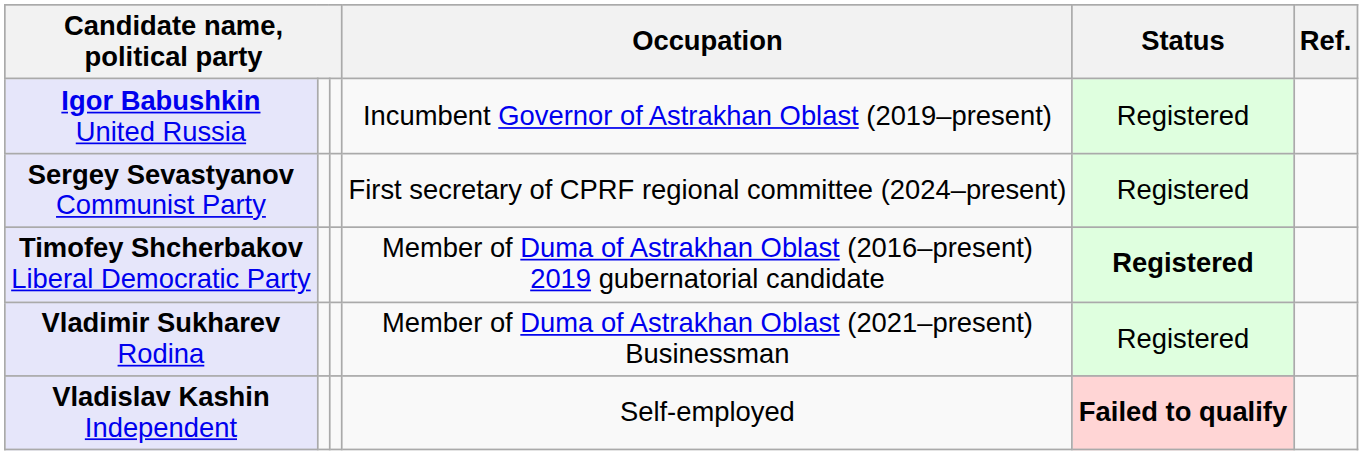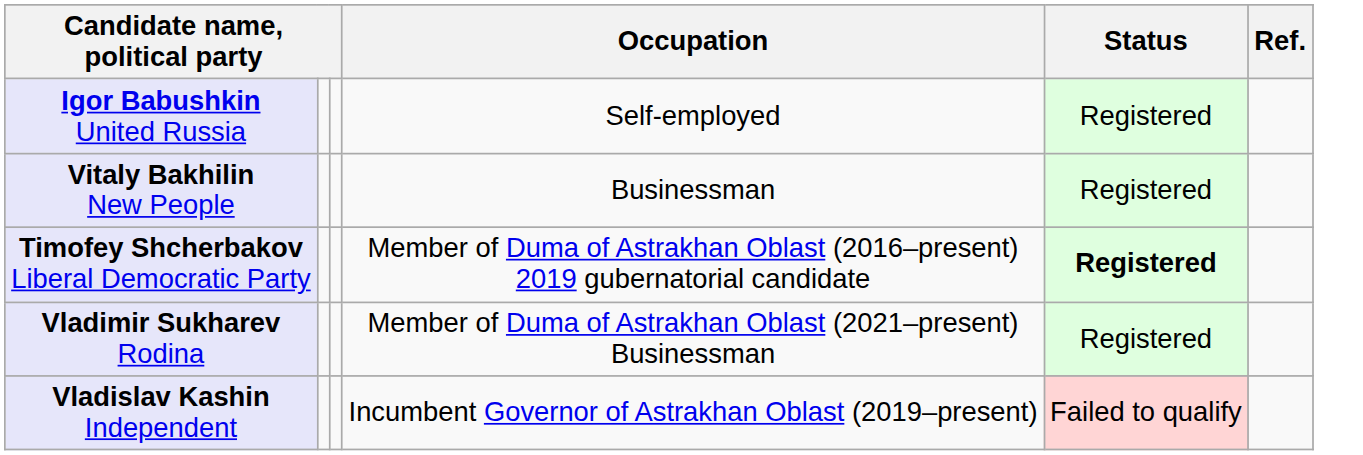 <table class="wikitable" style="text-align:center;">
 <tr>
 <th colspan="3">Candidate name,<br>political party</th>
 <th>Occupation</th>
 <th>Status</th>
 <th>Ref.</th>
 </tr>
 <tr>
 <td style="background:lavender;"><strong><a href='#'>Igor Babushkin</a></strong><br><a href='#'>United Russia</a></td>
 <td style="background-color:"></td>
 <td></td>
-<td>Incumbent <a href='#'>Governor of Astrakhan Oblast</a> (2019–present)</td>
+<td>Self-employed</td>
 <td bgcolor="#DFFFDF">Registered</td>
 <td></td>
 </tr>
 <tr>
-<td style="background:lavender;"><strong>Sergey Sevastyanov</strong><br><a href='#'>Communist Party</a></td>
+<td style="background:lavender;"><strong>Vitaly Bakhilin</strong><br><a href='#'>New People</a></td>
 <td style="background-color:"></td>
 <td></td>
-<td>First secretary of CPRF regional committee (2024–present)</td>
+<td>Businessman</td>
 <td bgcolor="#DFFFDF">Registered</td>
 <td></td>
 </tr>
 <tr>
 <td style="background:lavender;"><strong>Timofey Shcherbakov</strong><br><a href='#'>Liberal Democratic Party</a></td>
 <td style="background-color:"></td>
 <td></td>
 <td>Member of <a href='#'>Duma of Astrakhan Oblast</a> (2016–present)<br><a href='#'>2019</a> gubernatorial candidate</td>
 <td bgcolor="#DFFFDF"><strong>Registered</strong></td>
 <td></td>
 </tr>
 <tr>
 <td style="background:lavender;"><strong>Vladimir Sukharev</strong><br><a href='#'>Rodina</a></td>
 <td style="background-color:"></td>
 <td></td>
 <td>Member of <a href='#'>Duma of Astrakhan Oblast</a> (2021–present)<br>Businessman</td>
 <td bgcolor="#DFFFDF">Registered</td>
 <td></td>
 </tr>
 <tr>
 <td style="background:lavender;"><strong>Vladislav Kashin</strong><br><a href='#'>Independent</a></td>
 <td style="background-color:"></td>
 <td></td>
-<td>Self-employed</td>
-<td align=center bgcolor="#FFD5D5"><strong>Failed to qualify</strong></td>
+<td>Incumbent <a href='#'>Governor of Astrakhan Oblast</a> (2019–present)</td>
+<td align=center bgcolor="#FFD5D5">Failed to qualify</td>
 <td></td>
 </tr>
 </table>
